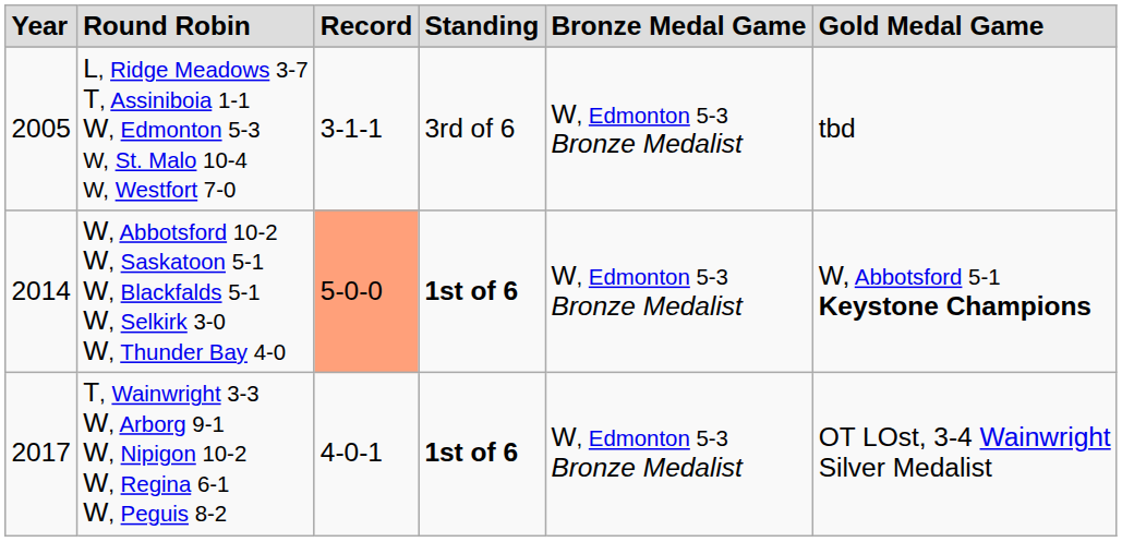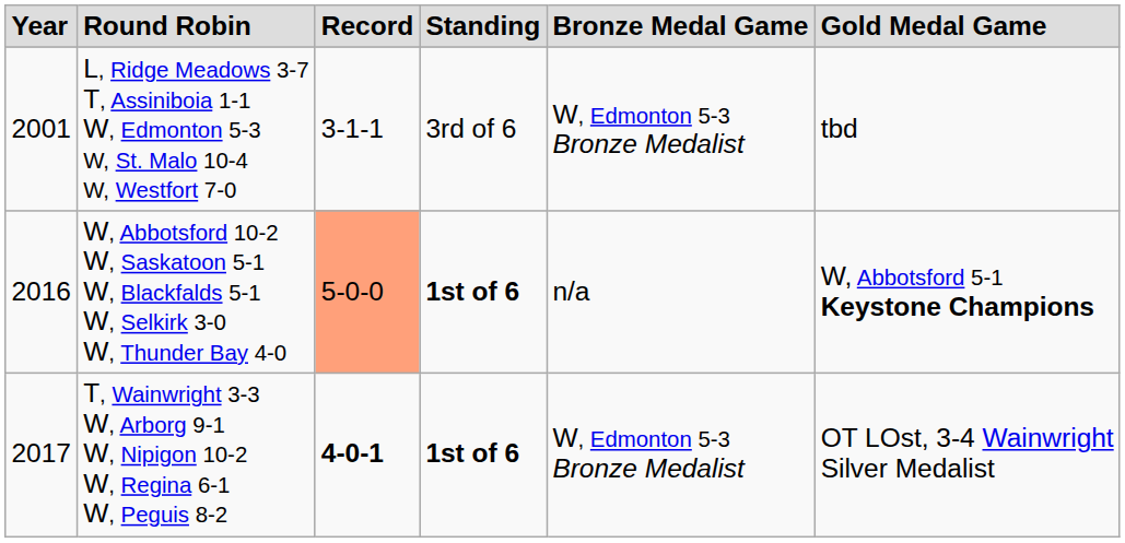 <table class="wikitable">
 <tr style="font-weight:bold; background-color:#dddddd;" |>
 <td>Year</td>
 <td>Round Robin</td>
 <td>Record</td>
 <td>Standing</td>
 <td>Bronze Medal Game</td>
 <td>Gold Medal Game</td>
 </tr>
 <tr>
-<td>2005</td>
+<td>2001</td>
 <td>L<small>, <a href='#'>Ridge Meadows</a> 3-7</small><br>T<small>, <a href='#'>Assiniboia</a> 1-1</small><br>W<small>, <a href='#'>Edmonton</a> 5-3</small><br><small>W, <a href='#'>St. Malo</a> 10-4</small><br><small>W, <a href='#'>Westfort</a> 7-0</small></td>
 <td>3-1-1</td>
 <td>3rd of 6</td>
 <td>W<small>, <a href='#'>Edmonton</a> 5-3</small><br><em>Bronze Medalist</em></td>
 <td>tbd</td>
 </tr>
 <tr>
-<td>2014</td>
+<td>2016</td>
 <td>W<small>, <a href='#'>Abbotsford</a> 10-2</small><br>W<small>, <a href='#'>Saskatoon</a> 5-1</small><br>W<small>, <a href='#'>Blackfalds</a> 5-1</small><br>W<small>, <a href='#'>Selkirk</a> 3-0</small><br>W<small>, <a href='#'>Thunder Bay</a> 4-0</small></td>
 <td style="background: lightsalmon;">5-0-0</td>
 <td><strong>1st of 6</strong></td>
-<td>W<small>, <a href='#'>Edmonton</a> 5-3</small><br><em>Bronze Medalist</em></td>
+<td>n/a</td>
 <td>W,<small> <a href='#'>Abbotsford</a> 5-1</small><br><strong>Keystone Champions</strong></td>
 </tr>
 <tr>
 <td>2017</td>
 <td>T<small>, <a href='#'>Wainwright</a> 3-3</small><br>W<small>, <a href='#'>Arborg</a> 9-1</small><br>W<small>, <a href='#'>Nipigon</a> 10-2<br></small>W<small>, <a href='#'>Regina</a>  6-1<br></small>W<small>,  <a href='#'>Peguis</a> 8-2</small></td>
-<td>4-0-1</td>
+<td><strong>4-0-1</strong></td>
 <td><strong>1st of 6</strong></td>
 <td>W<small>, <a href='#'>Edmonton</a> 5-3</small><br><em>Bronze Medalist</em></td>
 <td>OT LOst, 3-4 <a href='#'>Wainwright</a><br>Silver Medalist</td>
 </tr>
 </table>
